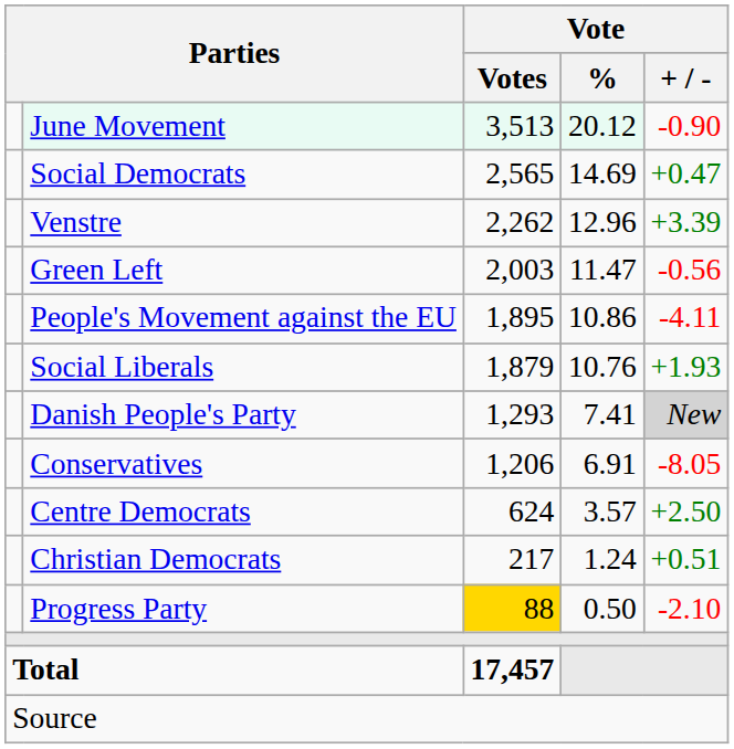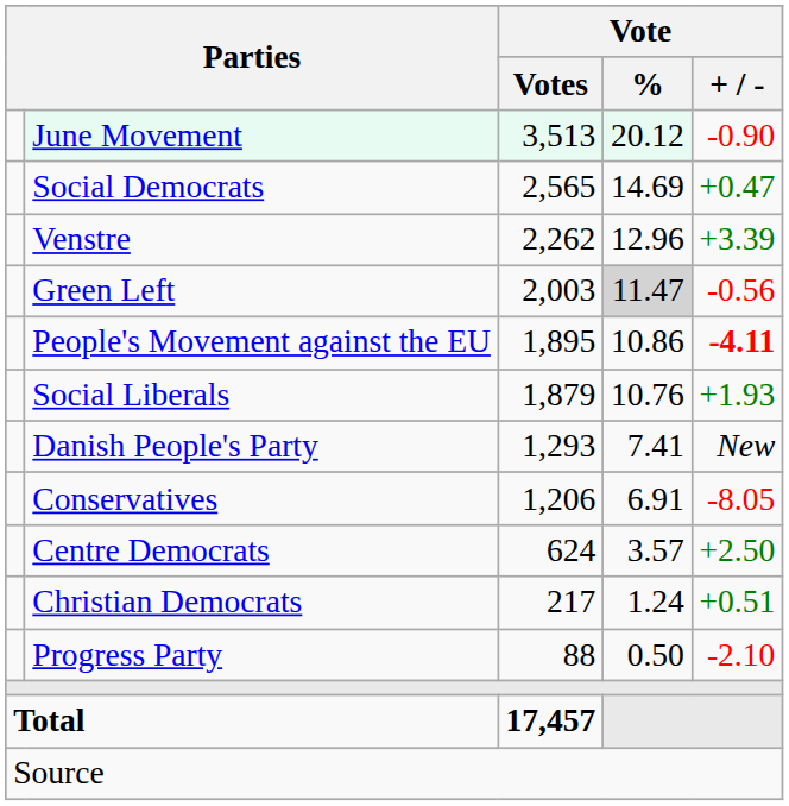 <table class="wikitable" style="text-align:right;">
 <tr>
 <th style="text-align:centre;" rowspan="2" colspan="2" width="225">Parties</th>
 <th colspan="3">Vote</th>
 </tr>
 <tr>
 <th width="15">Votes</th>
 <th width="15">%</th>
 <th width="15">+ / -</th>
 </tr>
 <tr>
 <td width="2" style="color:inherit;background:"></td>
 <td bgcolor=#e8fbf3   align="left"><a href='#'>June Movement</a></td>
 <td bgcolor=#e8fbf3>3,513</td>
 <td bgcolor=#e8fbf3>20.12</td>
 <td style=color:red;>-0.90</td>
 </tr>
 <tr>
 <td width="2" style="color:inherit;background:"></td>
 <td align="left"><a href='#'>Social Democrats</a></td>
 <td>2,565</td>
 <td>14.69</td>
 <td style=color:green;>+0.47</td>
 </tr>
 <tr>
 <td width="2" style="color:inherit;background:"></td>
 <td align="left"><a href='#'>Venstre</a></td>
 <td>2,262</td>
 <td>12.96</td>
 <td style=color:green;>+3.39</td>
 </tr>
 <tr>
 <td width="2" style="color:inherit;background:"></td>
 <td align="left"><a href='#'>Green Left</a></td>
 <td>2,003</td>
-<td>11.47</td>
+<td style="background: lightgrey;">11.47</td>
 <td style=color:red;>-0.56</td>
 </tr>
 <tr>
 <td width="2" style="color:inherit;background:"></td>
 <td align="left"><a href='#'>People's Movement against the EU</a></td>
 <td>1,895</td>
 <td>10.86</td>
-<td style=color:red;>-4.11</td>
+<td style=color:red;><strong>-4.11</strong></td>
 </tr>
 <tr>
 <td width="2" style="color:inherit;background:"></td>
 <td align="left"><a href='#'>Social Liberals</a></td>
 <td>1,879</td>
 <td>10.76</td>
 <td style=color:green;>+1.93</td>
 </tr>
 <tr>
 <td width="2" style="color:inherit;background:"></td>
 <td align="left"><a href='#'>Danish People's Party</a></td>
 <td>1,293</td>
 <td>7.41</td>
-<td style="background: lightgrey;"><em>New</em></td>
+<td><em>New</em></td>
 </tr>
 <tr>
 <td width="2" style="color:inherit;background:"></td>
 <td align="left"><a href='#'>Conservatives</a></td>
 <td>1,206</td>
 <td>6.91</td>
 <td style=color:red;>-8.05</td>
 </tr>
 <tr>
 <td width="2" style="color:inherit;background:"></td>
 <td align="left"><a href='#'>Centre Democrats</a></td>
 <td>624</td>
 <td>3.57</td>
 <td style=color:green;>+2.50</td>
 </tr>
 <tr>
 <td width="2" style="color:inherit;background:"></td>
 <td align="left"><a href='#'>Christian Democrats</a></td>
 <td>217</td>
 <td>1.24</td>
 <td style=color:green;>+0.51</td>
 </tr>
 <tr>
 <td width="2" style="color:inherit;background:"></td>
 <td align="left"><a href='#'>Progress Party</a></td>
-<td style="background: gold;">88</td>
+<td>88</td>
 <td>0.50</td>
 <td style=color:red;>-2.10</td>
 </tr>
 <tr>
 <td colspan="7" bgcolor="#E9E9E9"></td>
 </tr>
 <tr>
 <td align="left" colspan="2"><strong>Total</strong></td>
 <td><strong>17,457</strong></td>
 <td bgcolor="#E9E9E9" colspan="2"></td>
 </tr>
 <tr>
 <td align="left" colspan="6">Source</td>
 </tr>
 </table>
